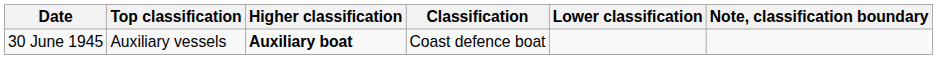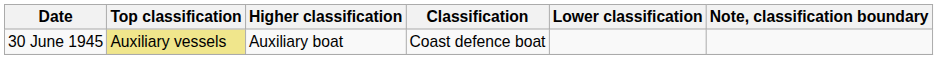 <table class="wikitable">
 <tr>
 <th>Date</th>
 <th>Top classification</th>
 <th>Higher classification</th>
 <th>Classification</th>
 <th>Lower classification</th>
 <th>Note, classification boundary</th>
 </tr>
 <tr>
 <td>30 June 1945</td>
-<td>Auxiliary vessels</td>
-<td><strong>Auxiliary boat</strong></td>
+<td style="background: khaki;">Auxiliary vessels</td>
+<td>Auxiliary boat</td>
 <td>Coast defence boat</td>
 <td></td>
 <td></td>
 </tr>
 <tr>
 </tr>
 </table>
